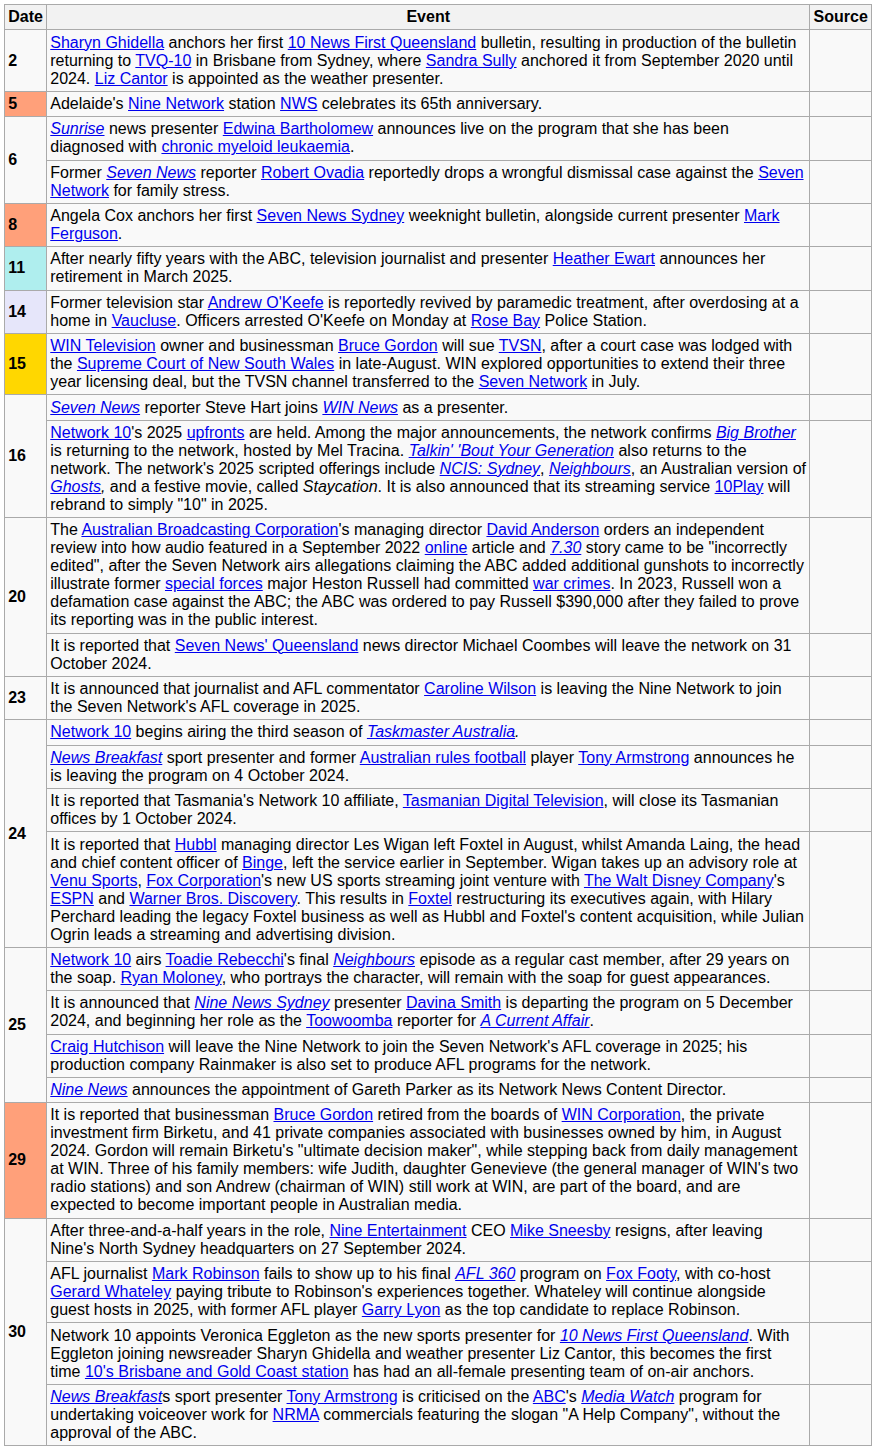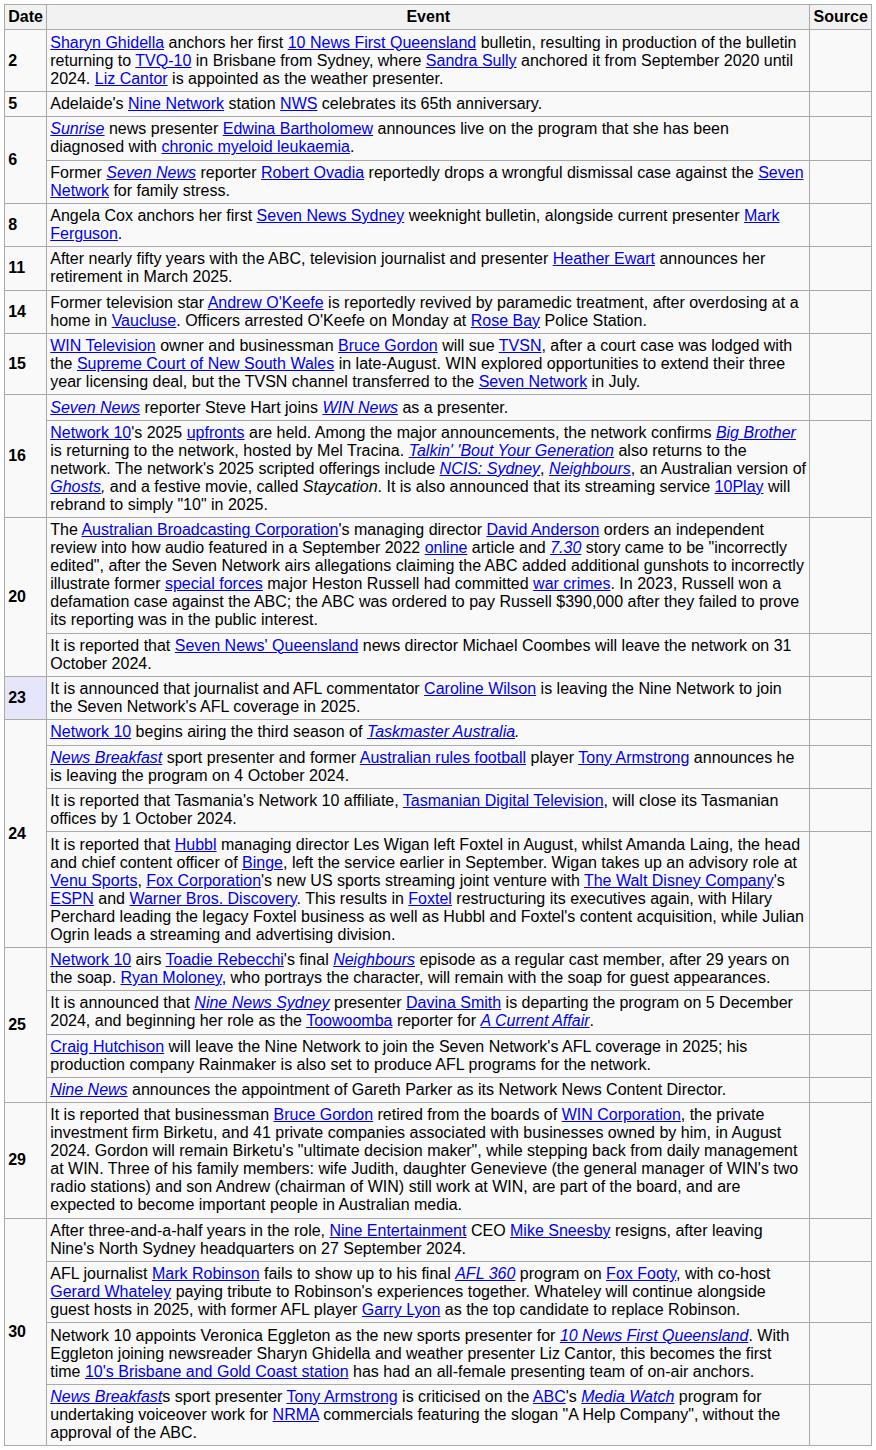 <table class="wikitable">
 <tr>
 <th>Date</th>
 <th>Event</th>
 <th>Source</th>
 </tr>
 <tr>
 <td><strong>2</strong></td>
 <td><a href='#'>Sharyn Ghidella</a> anchors her first <a href='#'>10 News First Queensland</a> bulletin, resulting in production of the bulletin returning to <a href='#'>TVQ-10</a> in Brisbane from Sydney, where <a href='#'>Sandra Sully</a> anchored it from September 2020 until 2024. <a href='#'>Liz Cantor</a> is appointed as the weather presenter.</td>
 <td></td>
 </tr>
 <tr>
-<td style="background: lightsalmon;"><strong>5</strong></td>
+<td><strong>5</strong></td>
 <td>Adelaide's <a href='#'>Nine Network</a> station <a href='#'>NWS</a> celebrates its 65th anniversary.</td>
 <td></td>
 </tr>
 <tr>
 <td rowspan=2><strong>6</strong></td>
 <td><em><a href='#'>Sunrise</a></em> news presenter <a href='#'>Edwina Bartholomew</a> announces live on the program that she has been diagnosed with <a href='#'>chronic myeloid leukaemia</a>.</td>
 <td></td>
 </tr>
 <tr>
 <td>Former <em><a href='#'>Seven News</a></em> reporter <a href='#'>Robert Ovadia</a> reportedly drops a wrongful dismissal case against the <a href='#'>Seven Network</a> for family stress.</td>
 <td></td>
 </tr>
 <tr>
-<td style="background: lightsalmon;"><strong>8</strong></td>
+<td><strong>8</strong></td>
 <td>Angela Cox anchors her first <a href='#'>Seven News Sydney</a> weeknight bulletin, alongside current presenter <a href='#'>Mark Ferguson</a>.</td>
 <td></td>
 </tr>
 <tr>
-<td style="background: paleturquoise;"><strong>11</strong></td>
+<td><strong>11</strong></td>
 <td>After nearly fifty years with the ABC, television journalist and presenter <a href='#'>Heather Ewart</a> announces her retirement in March 2025.</td>
 <td></td>
 </tr>
 <tr>
-<td style="background: lavender;"><strong>14</strong></td>
+<td><strong>14</strong></td>
 <td>Former television star <a href='#'>Andrew O'Keefe</a> is reportedly revived by paramedic treatment, after overdosing at a home in <a href='#'>Vaucluse</a>. Officers arrested O'Keefe on Monday at <a href='#'>Rose Bay</a> Police Station.</td>
 <td></td>
 </tr>
 <tr>
-<td style="background: gold;"><strong>15</strong></td>
+<td><strong>15</strong></td>
 <td><a href='#'>WIN Television</a> owner and businessman <a href='#'>Bruce Gordon</a> will sue <a href='#'>TVSN</a>, after a court case was lodged with the <a href='#'>Supreme Court of New South Wales</a> in late-August. WIN explored opportunities to extend their three year licensing deal, but the TVSN channel transferred to the <a href='#'>Seven Network</a> in July.</td>
 <td></td>
 </tr>
 <tr>
 <td rowspan="2"><strong>16</strong></td>
 <td><em><a href='#'>Seven News</a></em> reporter Steve Hart joins <em><a href='#'>WIN News</a></em> as a presenter.</td>
 <td></td>
 </tr>
 <tr>
 <td><a href='#'>Network 10</a>'s 2025 <a href='#'>upfronts</a> are held. Among the major announcements, the network confirms <em><a href='#'>Big Brother</a></em> is returning to the network, hosted by Mel Tracina. <em><a href='#'>Talkin' 'Bout Your Generation</a></em> also returns to the network. The network's 2025 scripted offerings include <em><a href='#'>NCIS: Sydney</a></em>, <em><a href='#'>Neighbours</a></em>, an Australian version of <em><a href='#'>Ghosts</a>,</em> and a festive movie, called <em>Staycation</em>. It is also announced that its streaming service <a href='#'>10Play</a> will rebrand to simply "10" in 2025.</td>
 <td></td>
 </tr>
 <tr>
 <td rowspan="2"><strong>20</strong></td>
 <td>The <a href='#'>Australian Broadcasting Corporation</a>'s managing director <a href='#'>David Anderson</a> orders an independent review into how audio featured in a September 2022 <a href='#'>online</a> article and <em><a href='#'>7.30</a></em> story came to be "incorrectly edited", after the Seven Network airs allegations claiming the ABC added additional gunshots to incorrectly illustrate former <a href='#'>special forces</a> major Heston Russell had committed <a href='#'>war crimes</a>. In 2023, Russell won a defamation case against the ABC; the ABC was ordered to pay Russell $390,000 after they failed to prove its reporting was in the public interest.</td>
 <td></td>
 </tr>
 <tr>
 <td>It is reported that <a href='#'>Seven News' Queensland</a> news director Michael Coombes will leave the network on 31 October 2024.</td>
 <td></td>
 </tr>
 <tr>
-<td><strong>23</strong></td>
+<td style="background: lavender;"><strong>23</strong></td>
 <td>It is announced that journalist and AFL commentator <a href='#'>Caroline Wilson</a> is leaving the Nine Network to join the Seven Network's AFL coverage in 2025.</td>
 <td></td>
 </tr>
 <tr>
 <td rowspan=4><strong>24</strong></td>
 <td><a href='#'>Network 10</a> begins airing the third season of <em><a href='#'>Taskmaster Australia</a>.</em></td>
 <td></td>
 </tr>
 <tr>
 <td><em><a href='#'>News Breakfast</a></em> sport presenter and former <a href='#'>Australian rules football</a> player <a href='#'>Tony Armstrong</a> announces he is leaving the program on 4 October 2024.</td>
 <td></td>
 </tr>
 <tr>
 <td>It is reported that Tasmania's Network 10 affiliate, <a href='#'>Tasmanian Digital Television</a>, will close its Tasmanian offices by 1 October 2024.</td>
 <td></td>
 </tr>
 <tr>
 <td>It is reported that <a href='#'>Hubbl</a> managing director Les Wigan left Foxtel in August, whilst Amanda Laing, the head and chief content officer of <a href='#'>Binge</a>, left the service earlier in September. Wigan takes up an advisory role at <a href='#'>Venu Sports</a>, <a href='#'>Fox Corporation</a>'s new US sports streaming joint venture with <a href='#'>The Walt Disney Company</a>'s <a href='#'>ESPN</a> and <a href='#'>Warner Bros. Discovery</a>. This results in <a href='#'>Foxtel</a> restructuring its executives again, with Hilary Perchard leading the legacy Foxtel business as well as Hubbl and Foxtel's content acquisition, while Julian Ogrin leads a streaming and advertising division.</td>
 <td></td>
 </tr>
 <tr>
 <td rowspan=4><strong>25</strong></td>
 <td><a href='#'>Network 10</a> airs <a href='#'>Toadie Rebecchi</a>'s final <em><a href='#'>Neighbours</a></em> episode as a regular cast member, after 29 years on the soap. <a href='#'>Ryan Moloney</a>, who portrays the character, will remain with the soap for guest appearances.</td>
 <td></td>
 </tr>
 <tr>
 <td>It is announced that <em><a href='#'>Nine News Sydney</a></em> presenter <a href='#'>Davina Smith</a> is departing the program on 5 December 2024, and beginning her role as the <a href='#'>Toowoomba</a> reporter for <em><a href='#'>A Current Affair</a></em>.</td>
 <td></td>
 </tr>
 <tr>
 <td><a href='#'>Craig Hutchison</a> will leave the Nine Network to join the Seven Network's AFL coverage in 2025; his production company Rainmaker is also set to produce AFL programs for the network.</td>
 <td></td>
 </tr>
 <tr>
 <td><em><a href='#'>Nine News</a></em> announces the appointment of Gareth Parker as its Network News Content Director.</td>
 <td></td>
 </tr>
 <tr>
-<td style="background: lightsalmon;"><strong>29</strong></td>
+<td><strong>29</strong></td>
 <td>It is reported that businessman <a href='#'>Bruce Gordon</a> retired from the boards of <a href='#'>WIN Corporation</a>, the private investment firm Birketu, and 41 private companies associated with businesses owned by him, in August 2024. Gordon will remain Birketu's "ultimate decision maker", while stepping back from daily management at WIN. Three of his family members: wife Judith, daughter Genevieve (the general manager of WIN's two radio stations) and son Andrew (chairman of WIN) still work at WIN, are part of the board, and are expected to become important people in Australian media.</td>
 <td></td>
 </tr>
 <tr>
 <td rowspan=4><strong>30</strong></td>
 <td>After three-and-a-half years in the role, <a href='#'>Nine Entertainment</a> CEO <a href='#'>Mike Sneesby</a> resigns, after leaving Nine's North Sydney headquarters on 27 September 2024.</td>
 <td></td>
 </tr>
 <tr>
 <td>AFL journalist <a href='#'>Mark Robinson</a> fails to show up to his final <em><a href='#'>AFL 360</a></em> program on <a href='#'>Fox Footy</a>, with co-host <a href='#'>Gerard Whateley</a> paying tribute to Robinson's experiences together. Whateley will continue alongside guest hosts in 2025, with former AFL player <a href='#'>Garry Lyon</a> as the top candidate to replace Robinson.</td>
 <td></td>
 </tr>
 <tr>
 <td>Network 10 appoints Veronica Eggleton as the new sports presenter for <em><a href='#'>10 News First Queensland</a></em>. With Eggleton joining newsreader Sharyn Ghidella and weather presenter Liz Cantor, this becomes the first time <a href='#'>10's Brisbane and Gold Coast station</a> has had an all-female presenting team of on-air anchors.</td>
 <td></td>
 </tr>
 <tr>
 <td><em><a href='#'>News Breakfast</a></em>s sport presenter <a href='#'>Tony Armstrong</a> is criticised on the <a href='#'>ABC</a>'s <em><a href='#'>Media Watch</a></em> program for undertaking voiceover work for <a href='#'>NRMA</a> commercials featuring the slogan "A Help Company", without the approval of the ABC.</td>
 <td></td>
 </tr>
 <tr>
 </tr>
 </table>
